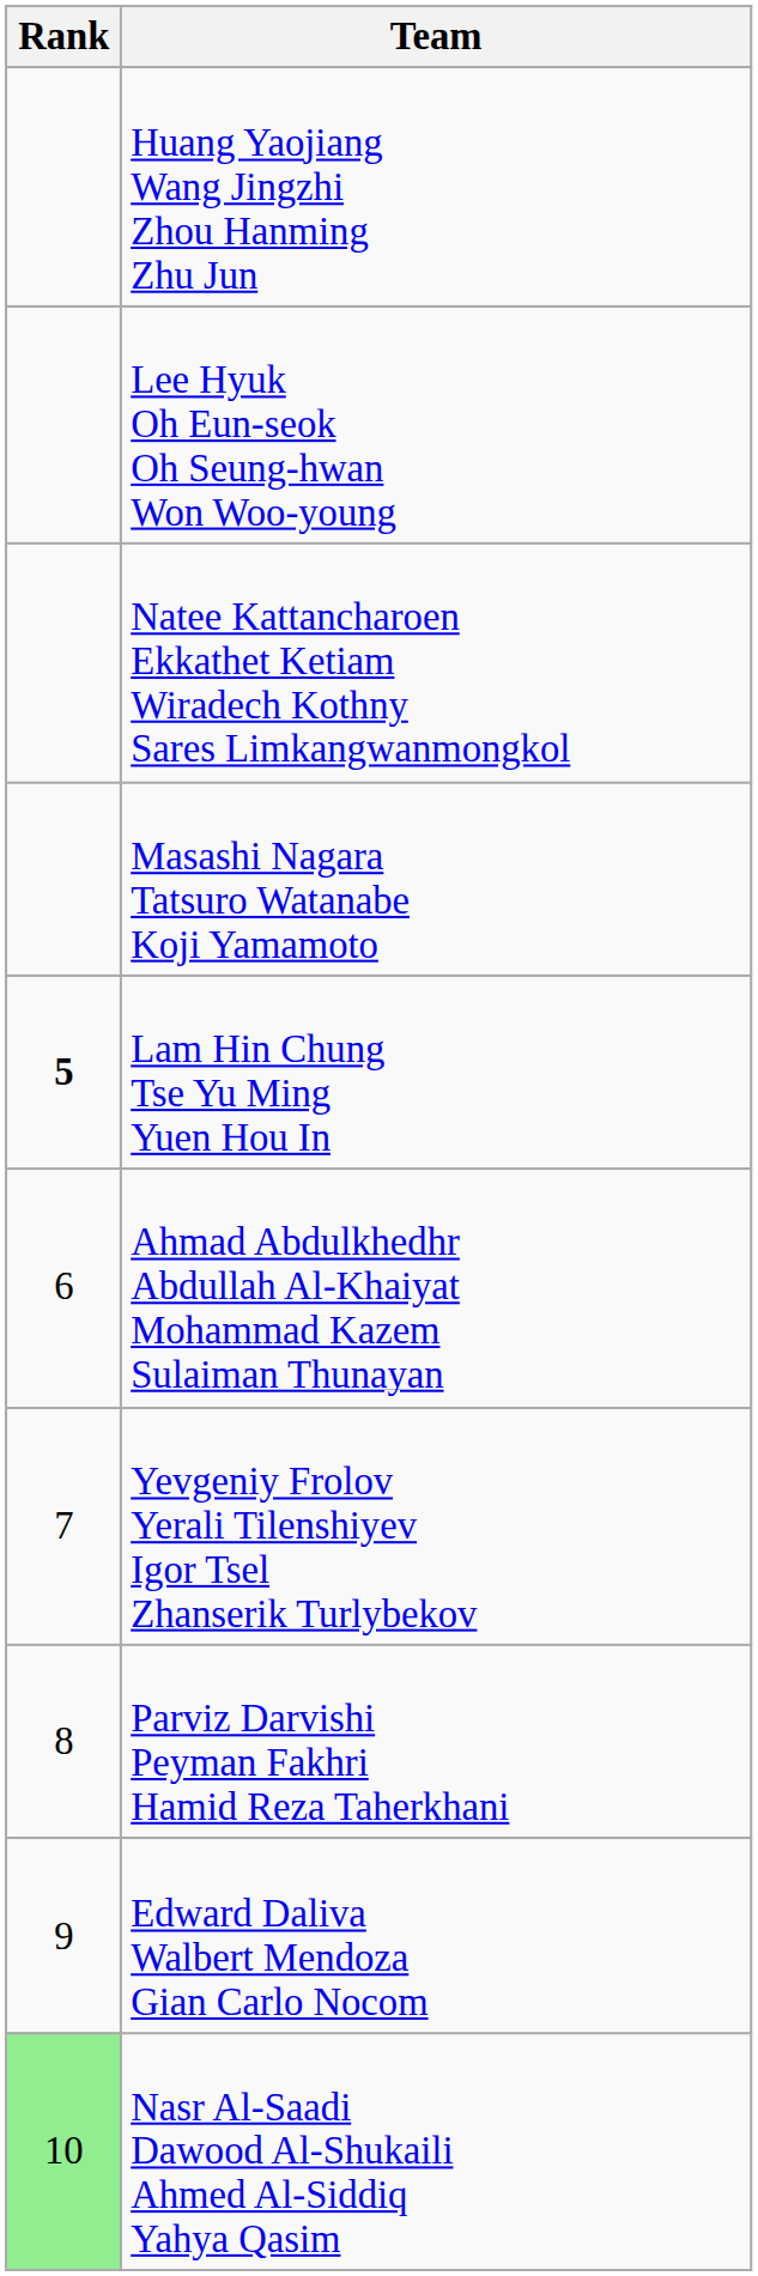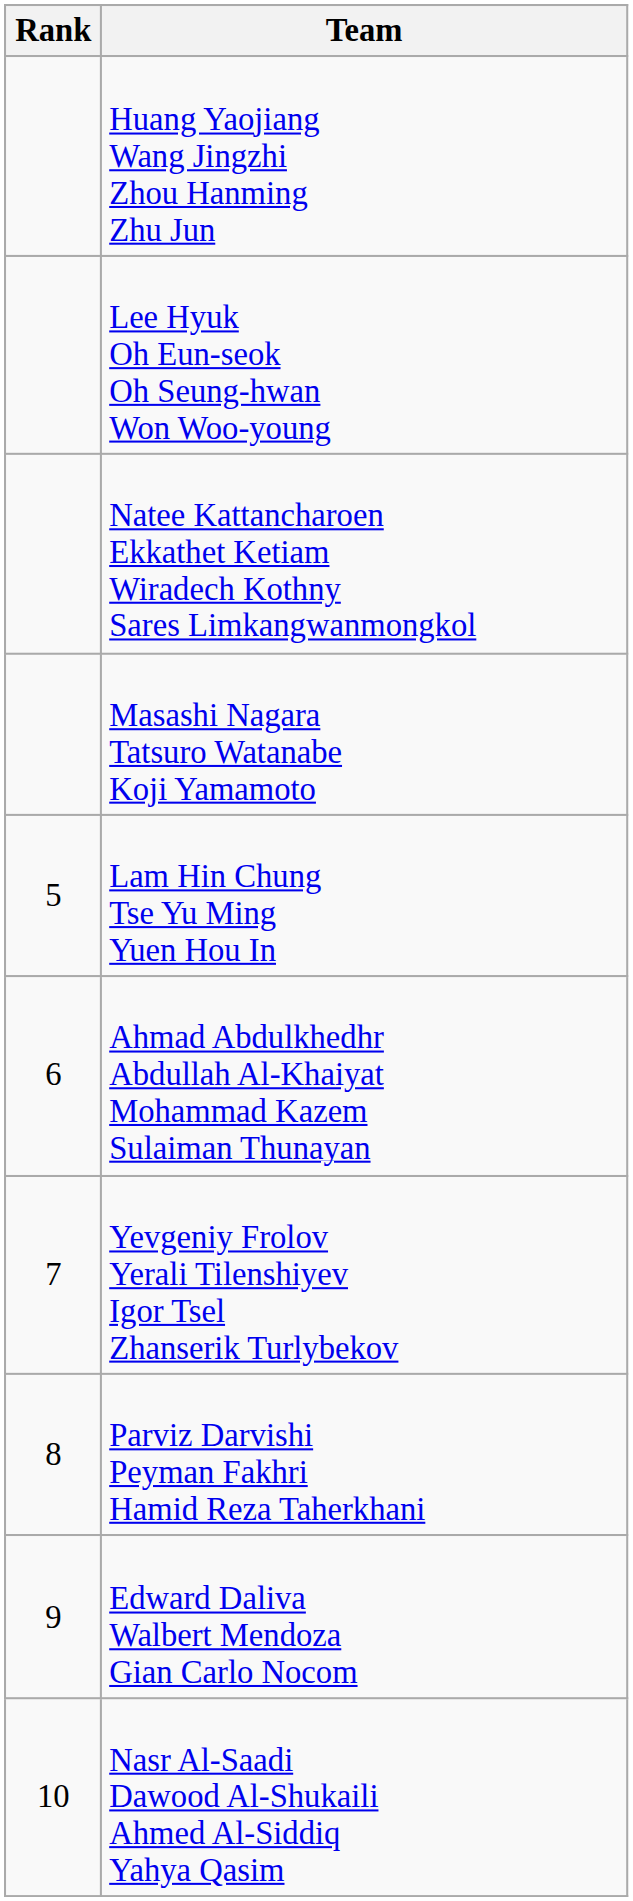 <table class="wikitable" style="text-align: center;">
 <tr>
 <th width=40>Rank</th>
 <th width=250>Team</th>
 </tr>
 <tr>
 <td></td>
 <td align=left><br><a href='#'>Huang Yaojiang</a><br><a href='#'>Wang Jingzhi</a><br><a href='#'>Zhou Hanming</a><br><a href='#'>Zhu Jun</a></td>
 </tr>
 <tr>
 <td></td>
 <td align=left><br><a href='#'>Lee Hyuk</a><br><a href='#'>Oh Eun-seok</a><br><a href='#'>Oh Seung-hwan</a><br><a href='#'>Won Woo-young</a></td>
 </tr>
 <tr>
 <td></td>
 <td align=left><br><a href='#'>Natee Kattancharoen</a><br><a href='#'>Ekkathet Ketiam</a><br><a href='#'>Wiradech Kothny</a><br><a href='#'>Sares Limkangwanmongkol</a></td>
 </tr>
 <tr>
 <td></td>
 <td align=left><br><a href='#'>Masashi Nagara</a><br><a href='#'>Tatsuro Watanabe</a><br><a href='#'>Koji Yamamoto</a></td>
 </tr>
 <tr>
-<td><strong>5</strong></td>
+<td>5</td>
 <td align=left><br><a href='#'>Lam Hin Chung</a><br><a href='#'>Tse Yu Ming</a><br><a href='#'>Yuen Hou In</a></td>
 </tr>
 <tr>
 <td>6</td>
 <td align=left><br><a href='#'>Ahmad Abdulkhedhr</a><br><a href='#'>Abdullah Al-Khaiyat</a><br><a href='#'>Mohammad Kazem</a><br><a href='#'>Sulaiman Thunayan</a></td>
 </tr>
 <tr>
 <td>7</td>
 <td align=left><br><a href='#'>Yevgeniy Frolov</a><br><a href='#'>Yerali Tilenshiyev</a><br><a href='#'>Igor Tsel</a><br><a href='#'>Zhanserik Turlybekov</a></td>
 </tr>
 <tr>
 <td>8</td>
 <td align=left><br><a href='#'>Parviz Darvishi</a><br><a href='#'>Peyman Fakhri</a><br><a href='#'>Hamid Reza Taherkhani</a></td>
 </tr>
 <tr>
 <td>9</td>
 <td align=left><br><a href='#'>Edward Daliva</a><br><a href='#'>Walbert Mendoza</a><br><a href='#'>Gian Carlo Nocom</a></td>
 </tr>
 <tr>
-<td style="background: lightgreen;">10</td>
+<td>10</td>
 <td align=left><br><a href='#'>Nasr Al-Saadi</a><br><a href='#'>Dawood Al-Shukaili</a><br><a href='#'>Ahmed Al-Siddiq</a><br><a href='#'>Yahya Qasim</a></td>
 </tr>
 </table>
